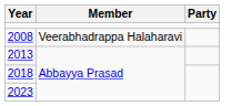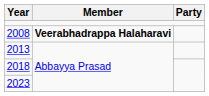 <table class="wikitable sortable">
 <tr>
 <th>Year</th>
 <th>Member</th>
 <th colspan="2">Party</th>
 </tr>
 <tr>
 <td colspan="4"></td>
 </tr>
 <tr>
 <td><a href='#'>2008</a></td>
-<td>Veerabhadrappa Halaharavi</td>
+<td><strong>Veerabhadrappa Halaharavi</strong></td>
 <td></td>
 </tr>
 <tr>
 <td><a href='#'>2013</a></td>
 <td rowspan="3"><a href='#'>Abbayya Prasad</a></td>
 <td></td>
 </tr>
 <tr>
 <td><a href='#'>2018</a></td>
 </tr>
 <tr>
 <td><a href='#'>2023</a></td>
 </tr>
 </table>
